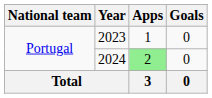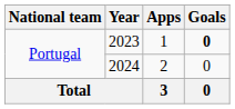 <table class=wikitable style="text-align: center">
 <tr>
 <th>National team</th>
 <th>Year</th>
 <th>Apps</th>
 <th>Goals</th>
 </tr>
 <tr>
 <td rowspan="2"><a href='#'>Portugal</a></td>
 <td>2023</td>
 <td>1</td>
-<td>0</td>
+<td><strong>0</strong></td>
 </tr>
 <tr>
 <td>2024</td>
-<td style="background: lightgreen;">2</td>
+<td>2</td>
 <td>0</td>
 </tr>
 <tr>
 <th colspan="2">Total</th>
 <th>3</th>
 <th>0</th>
 </tr>
 </table>
